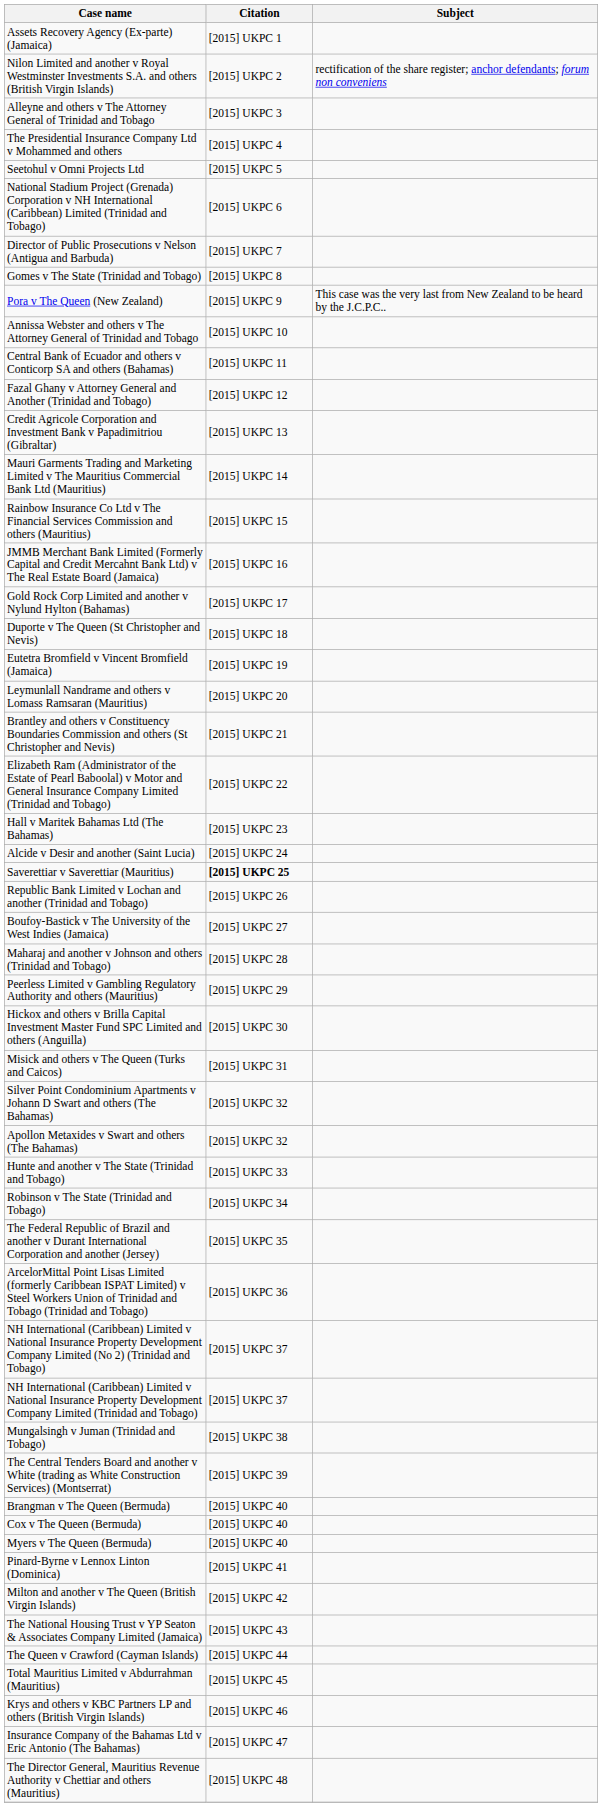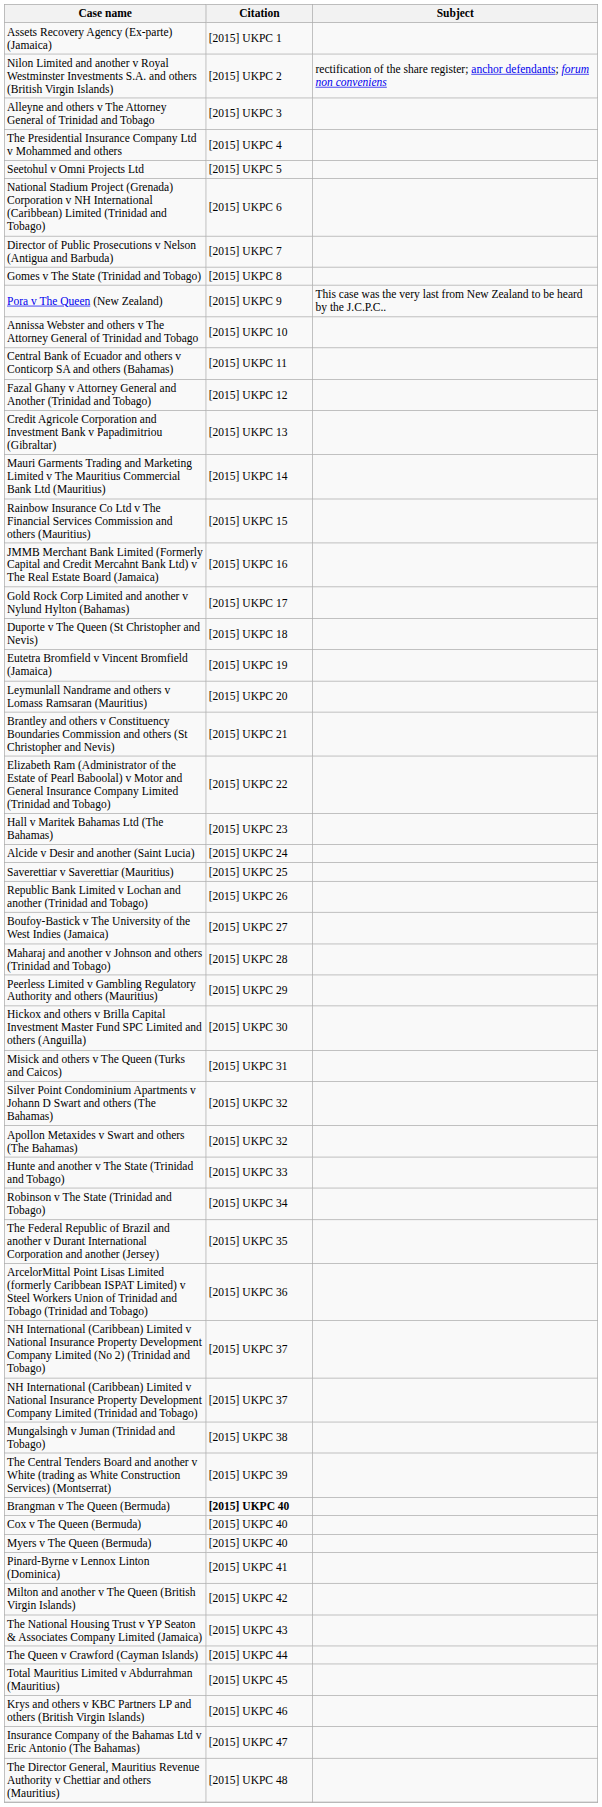 <table class="wikitable" width=825>
 <tr bgcolor="#CCCCCC">
 <th width=34%>Case name</th>
 <th width=18%>Citation</th>
 <th font=small>Subject</th>
 </tr>
 <tr>
 <td>Assets Recovery Agency (Ex-parte) (Jamaica)</td>
 <td>[2015] UKPC 1</td>
 <td></td>
 </tr>
 <tr>
 <td>Nilon Limited and another v Royal Westminster Investments S.A. and others (British Virgin Islands)</td>
 <td>[2015] UKPC 2</td>
 <td>rectification of the share register; <a href='#'>anchor defendants</a>; <em><a href='#'>forum non conveniens</a></em></td>
 </tr>
 <tr>
 <td>Alleyne and others v The Attorney General of Trinidad and Tobago</td>
 <td>[2015] UKPC 3</td>
 <td></td>
 </tr>
 <tr>
 <td>The Presidential Insurance Company Ltd v Mohammed and others</td>
 <td>[2015] UKPC 4</td>
 <td></td>
 </tr>
 <tr>
 <td>Seetohul v Omni Projects Ltd</td>
 <td>[2015] UKPC 5</td>
 <td></td>
 </tr>
 <tr>
 <td>National Stadium Project (Grenada) Corporation v NH International (Caribbean) Limited (Trinidad and Tobago)</td>
 <td>[2015] UKPC 6</td>
 <td></td>
 </tr>
 <tr>
 <td>Director of Public Prosecutions v Nelson (Antigua and Barbuda)</td>
 <td>[2015] UKPC 7</td>
 <td></td>
 </tr>
 <tr>
 <td>Gomes v The State (Trinidad and Tobago)</td>
 <td>[2015] UKPC 8</td>
 <td></td>
 </tr>
 <tr>
 <td><a href='#'>Pora v The Queen</a> (New Zealand)</td>
 <td>[2015] UKPC 9</td>
 <td>This case was the very last from New Zealand to be heard by the J.C.P.C..</td>
 </tr>
 <tr>
 <td>Annissa Webster and others v The Attorney General of Trinidad and Tobago</td>
 <td>[2015] UKPC 10</td>
 <td></td>
 </tr>
 <tr>
 <td>Central Bank of Ecuador and others v Conticorp SA and others (Bahamas)</td>
 <td>[2015] UKPC 11</td>
 <td></td>
 </tr>
 <tr>
 <td>Fazal Ghany v Attorney General and Another (Trinidad and Tobago)</td>
 <td>[2015] UKPC 12</td>
 <td></td>
 </tr>
 <tr>
 <td>Credit Agricole Corporation and Investment Bank v Papadimitriou (Gibraltar)</td>
 <td>[2015] UKPC 13</td>
 <td></td>
 </tr>
 <tr>
 <td>Mauri Garments Trading and Marketing Limited v The Mauritius Commercial Bank Ltd (Mauritius)</td>
 <td>[2015] UKPC 14</td>
 <td></td>
 </tr>
 <tr>
 <td>Rainbow Insurance Co Ltd v The Financial Services Commission and others (Mauritius)</td>
 <td>[2015] UKPC 15</td>
 <td></td>
 </tr>
 <tr>
 <td>JMMB Merchant Bank Limited (Formerly Capital and Credit Mercahnt Bank Ltd) v The Real Estate Board (Jamaica)</td>
 <td>[2015] UKPC 16</td>
 <td></td>
 </tr>
 <tr>
 <td>Gold Rock Corp Limited and another v Nylund Hylton (Bahamas)</td>
 <td>[2015] UKPC 17</td>
 <td></td>
 </tr>
 <tr>
 <td>Duporte v The Queen (St Christopher and Nevis)</td>
 <td>[2015] UKPC 18</td>
 <td></td>
 </tr>
 <tr>
 <td>Eutetra Bromfield v Vincent Bromfield (Jamaica)</td>
 <td>[2015] UKPC 19</td>
 <td></td>
 </tr>
 <tr>
 <td>Leymunlall Nandrame and others v Lomass Ramsaran (Mauritius)</td>
 <td>[2015] UKPC 20</td>
 <td></td>
 </tr>
 <tr>
 <td>Brantley and others v Constituency Boundaries Commission and others (St Christopher and Nevis)</td>
 <td>[2015] UKPC 21</td>
 <td></td>
 </tr>
 <tr>
 <td>Elizabeth Ram (Administrator of the Estate of Pearl Baboolal) v Motor and General Insurance Company Limited (Trinidad and Tobago)</td>
 <td>[2015] UKPC 22</td>
 <td></td>
 </tr>
 <tr>
 <td>Hall v Maritek Bahamas Ltd (The Bahamas)</td>
 <td>[2015] UKPC 23</td>
 <td></td>
 </tr>
 <tr>
 <td>Alcide v Desir and another (Saint Lucia)</td>
 <td>[2015] UKPC 24</td>
 <td></td>
 </tr>
 <tr>
 <td>Saverettiar v Saverettiar (Mauritius)</td>
-<td><strong>[2015] UKPC 25</strong></td>
+<td>[2015] UKPC 25</td>
 <td></td>
 </tr>
 <tr>
 <td>Republic Bank Limited v Lochan and another (Trinidad and Tobago)</td>
 <td>[2015] UKPC 26</td>
 <td></td>
 </tr>
 <tr>
 <td>Boufoy-Bastick v The University of the West Indies (Jamaica)</td>
 <td>[2015] UKPC 27</td>
 <td></td>
 </tr>
 <tr>
 <td>Maharaj and another v Johnson and others (Trinidad and Tobago)</td>
 <td>[2015] UKPC 28</td>
 <td></td>
 </tr>
 <tr>
 <td>Peerless Limited v Gambling Regulatory Authority and others (Mauritius)</td>
 <td>[2015] UKPC 29</td>
 <td></td>
 </tr>
 <tr>
 <td>Hickox and others v Brilla Capital Investment Master Fund SPC Limited and others (Anguilla)</td>
 <td>[2015] UKPC 30</td>
 <td></td>
 </tr>
 <tr>
 <td>Misick and others v The Queen (Turks and Caicos)</td>
 <td>[2015] UKPC 31</td>
 <td></td>
 </tr>
 <tr>
 <td>Silver Point Condominium Apartments v Johann D Swart and others (The Bahamas)</td>
 <td>[2015] UKPC 32</td>
 <td></td>
 </tr>
 <tr>
 <td>Apollon Metaxides v Swart and others (The Bahamas)</td>
 <td>[2015] UKPC 32</td>
 <td></td>
 </tr>
 <tr>
 <td>Hunte and another v The State (Trinidad and Tobago)</td>
 <td>[2015] UKPC 33</td>
 <td></td>
 </tr>
 <tr>
 <td>Robinson v The State (Trinidad and Tobago)</td>
 <td>[2015] UKPC 34</td>
 <td></td>
 </tr>
 <tr>
 <td>The Federal Republic of Brazil and another v Durant International Corporation and another (Jersey)</td>
 <td>[2015] UKPC 35</td>
 <td></td>
 </tr>
 <tr>
 <td>ArcelorMittal Point Lisas Limited (formerly Caribbean ISPAT Limited) v Steel Workers Union of Trinidad and Tobago (Trinidad and Tobago)</td>
 <td>[2015] UKPC 36</td>
 <td></td>
 </tr>
 <tr>
 <td>NH International (Caribbean) Limited v National Insurance Property Development Company Limited (No 2) (Trinidad and Tobago)</td>
 <td>[2015] UKPC 37</td>
 <td></td>
 </tr>
 <tr>
 <td>NH International (Caribbean) Limited v National Insurance Property Development Company Limited (Trinidad and Tobago)</td>
 <td>[2015] UKPC 37</td>
 <td></td>
 </tr>
 <tr>
 <td>Mungalsingh v Juman (Trinidad and Tobago)</td>
 <td>[2015] UKPC 38</td>
 <td></td>
 </tr>
 <tr>
 <td>The Central Tenders Board and another v White (trading as White Construction Services) (Montserrat)</td>
 <td>[2015] UKPC 39</td>
 <td></td>
 </tr>
 <tr>
 <td>Brangman v The Queen (Bermuda)</td>
-<td>[2015] UKPC 40</td>
+<td><strong>[2015] UKPC 40</strong></td>
 <td></td>
 </tr>
 <tr>
 <td>Cox v The Queen (Bermuda)</td>
 <td>[2015] UKPC 40</td>
 <td></td>
 </tr>
 <tr>
 <td>Myers v The Queen (Bermuda)</td>
 <td>[2015] UKPC 40</td>
 <td></td>
 </tr>
 <tr>
 <td>Pinard-Byrne v Lennox Linton (Dominica)</td>
 <td>[2015] UKPC 41</td>
 <td></td>
 </tr>
 <tr>
 <td>Milton and another v The Queen (British Virgin Islands)</td>
 <td>[2015] UKPC 42</td>
 <td></td>
 </tr>
 <tr>
 <td>The National Housing Trust v YP Seaton & Associates Company Limited (Jamaica)</td>
 <td>[2015] UKPC 43</td>
 <td></td>
 </tr>
 <tr>
 <td>The Queen v Crawford (Cayman Islands)</td>
 <td>[2015] UKPC 44</td>
 <td></td>
 </tr>
 <tr>
 <td>Total Mauritius Limited v Abdurrahman (Mauritius)</td>
 <td>[2015] UKPC 45</td>
 <td></td>
 </tr>
 <tr>
 <td>Krys and others v KBC Partners LP and others (British Virgin Islands)</td>
 <td>[2015] UKPC 46</td>
 <td></td>
 </tr>
 <tr>
 <td>Insurance Company of the Bahamas Ltd v Eric Antonio (The Bahamas)</td>
 <td>[2015] UKPC 47</td>
 <td></td>
 </tr>
 <tr>
 <td>The Director General, Mauritius Revenue Authority v Chettiar and others (Mauritius)</td>
 <td>[2015] UKPC 48</td>
 <td></td>
 </tr>
 <tr>
 </tr>
 </table>
